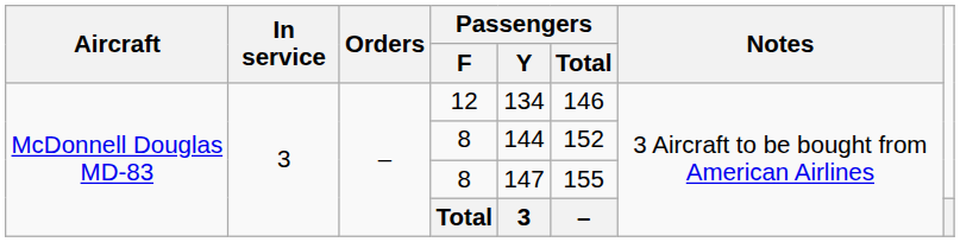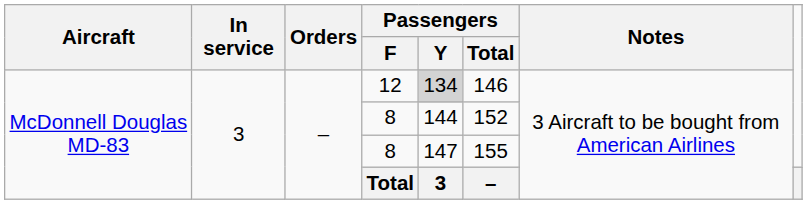 <table class="wikitable" style="margin:1em auto; border-collapse:collapse;text-align:center">
 <tr>
 <th rowspan="2">Aircraft</th>
 <th rowspan="2">In service</th>
 <th rowspan="2">Orders</th>
 <th colspan="3">Passengers</th>
 <th rowspan="2">Notes</th>
 </tr>
 <tr>
 <th><abbr>F</abbr></th>
 <th><abbr>Y</abbr></th>
 <th>Total</th>
 </tr>
 <tr>
 <td rowspan=4><a href='#'>McDonnell Douglas MD-83</a></td>
 <td rowspan=4>3</td>
 <td rowspan=4>–</td>
 <td>12</td>
-<td>134</td>
+<td style="background: lightgrey;">134</td>
 <td>146</td>
 <td rowspan=4>3 Aircraft to be bought from <a href='#'>American Airlines</a></td>
 </tr>
 <tr>
 <td>8</td>
 <td>144</td>
 <td>152</td>
 </tr>
 <tr>
 <td>8</td>
 <td>147</td>
 <td>155</td>
 </tr>
 <tr>
 <th>Total</th>
 <th>3</th>
 <th>–</th>
 <th colspan=4></th>
 </tr>
 </table>
